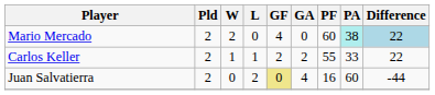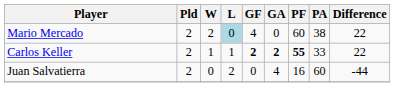 <table class=wikitable style="text-align:center">
 <tr>
 <th width=220>Player</th>
 <th width=20>Pld</th>
 <th width=20>W</th>
 <th width=20>L</th>
 <th width=20>GF</th>
 <th width=20>GA</th>
 <th width=20>PF</th>
 <th width=20>PA</th>
 <th width=30>Difference</th>
 </tr>
 <tr>
 <td align=left> <a href='#'>Mario Mercado</a></td>
 <td>2</td>
 <td>2</td>
-<td>0</td>
+<td style="background: lightblue;">0</td>
 <td>4</td>
 <td>0</td>
 <td>60</td>
-<td style="background: paleturquoise;">38</td>
-<td style="background: lightblue;">22</td>
+<td>38</td>
+<td>22</td>
 </tr>
 <tr>
 <td align=left> <a href='#'>Carlos Keller</a></td>
 <td>2</td>
 <td>1</td>
 <td>1</td>
-<td>2</td>
-<td>2</td>
-<td>55</td>
+<td><strong>2</strong></td>
+<td><strong>2</strong></td>
+<td><strong>55</strong></td>
 <td>33</td>
 <td>22</td>
 </tr>
 <tr>
 <td align=left> Juan Salvatierra</td>
 <td>2</td>
 <td>0</td>
 <td>2</td>
-<td style="background: khaki;">0</td>
+<td>0</td>
 <td>4</td>
 <td>16</td>
 <td>60</td>
 <td>-44</td>
 </tr>
 <tr>
 </tr>
 </table>
